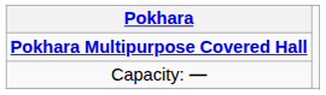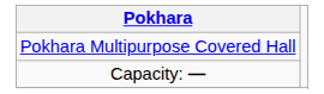 <table class="wikitable" style="text-align:center; margin:0.2em auto;">
 <tr>
 <th><a href='#'>Pokhara</a></th>
 <td rowspan="4"></td>
 </tr>
 <tr>
-<td><strong><a href='#'>Pokhara Multipurpose Covered Hall</a></strong></td>
+<td><a href='#'>Pokhara Multipurpose Covered Hall</a></td>
 </tr>
 <tr>
 <td>Capacity: <strong>—</strong></td>
 </tr>
 <tr>
 </tr>
 </table>
